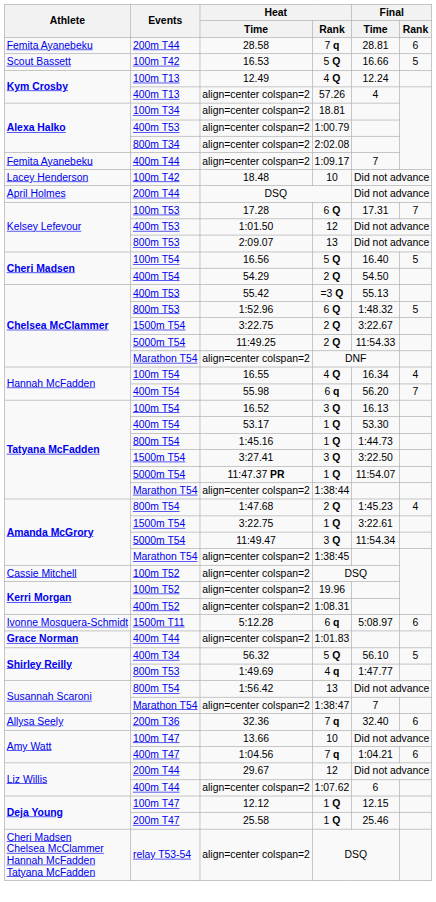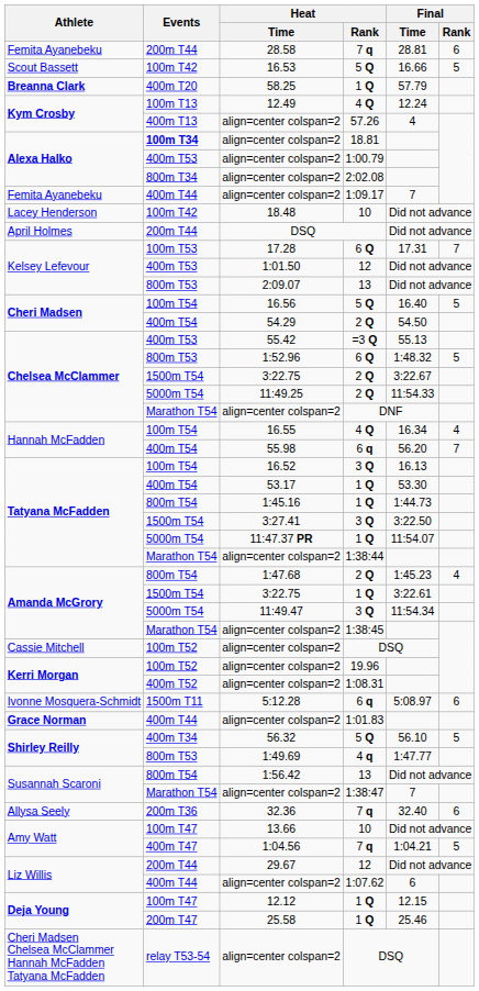 <table class=wikitable>
 <tr>
 <th rowspan="2">Athlete</th>
 <th rowspan="2">Events</th>
 <th colspan="2">Heat</th>
 <th colspan="2">Final</th>
 </tr>
 <tr>
 <th>Time</th>
 <th>Rank</th>
 <th>Time</th>
 <th>Rank</th>
 </tr>
 <tr>
 <td align=left><a href='#'>Femita Ayanebeku</a></td>
 <td align=left><a href='#'>200m T44</a></td>
 <td align=center>28.58</td>
 <td align=center>7 <strong>q</strong></td>
 <td align=center>28.81</td>
 <td align=center>6</td>
 </tr>
 <tr>
 <td align=left><a href='#'>Scout Bassett</a></td>
 <td align=left><a href='#'>100m T42</a></td>
 <td align=center>16.53</td>
 <td align=center>5 <strong>Q</strong></td>
 <td align=center>16.66</td>
 <td align=center>5</td>
 </tr>
 <tr>
+<td align=left><strong><a href='#'>Breanna Clark</a></strong></td>
+<td align=left><a href='#'>400m T20</a></td>
+<td align=center>58.25</td>
+<td align=center>1 <strong>Q</strong></td>
+<td align=center>57.79</td>
+<td align=center></td>
+</tr>
+<tr>
 <td align=left rowspan=2><strong><a href='#'>Kym Crosby</a></strong></td>
 <td align=left><a href='#'>100m T13</a></td>
 <td align=center>12.49</td>
 <td align=center>4 <strong>Q</strong></td>
 <td align=center>12.24</td>
 <td align=center></td>
 </tr>
 <tr>
 <td align=left><a href='#'>400m T13</a></td>
 <td>align=center colspan=2 </td>
 <td align=center>57.26</td>
 <td align=center>4</td>
 </tr>
 <tr>
 <td align=left rowspan=3><strong><a href='#'>Alexa Halko</a></strong></td>
-<td align=left><a href='#'>100m T34</a></td>
+<td align=left><strong><a href='#'>100m T34</a></strong></td>
 <td>align=center colspan=2 </td>
 <td align=center>18.81</td>
 <td align=center></td>
 </tr>
 <tr>
 <td align=left><a href='#'>400m T53</a></td>
 <td>align=center colspan=2 </td>
 <td align=center>1:00.79</td>
 <td align=center></td>
 </tr>
 <tr>
 <td align=left><a href='#'>800m T34</a></td>
 <td>align=center colspan=2 </td>
 <td align=center>2:02.08</td>
 <td align=center></td>
 </tr>
 <tr>
 <td align=left><a href='#'>Femita Ayanebeku</a></td>
 <td align=left><a href='#'>400m T44</a></td>
 <td>align=center colspan=2 </td>
 <td align=center>1:09.17</td>
 <td align=center>7</td>
 </tr>
 <tr>
 <td align=left><a href='#'>Lacey Henderson</a></td>
 <td align=left><a href='#'>100m T42</a></td>
 <td align=center>18.48</td>
 <td align=center>10</td>
 <td align=center colspan=2>Did not advance</td>
 </tr>
 <tr>
 <td align=left><a href='#'>April Holmes</a></td>
 <td align=left><a href='#'>200m T44</a></td>
 <td align=center colspan=2>DSQ</td>
 <td align=center colspan=2>Did not advance</td>
 </tr>
 <tr>
 <td align=left rowspan=3><a href='#'>Kelsey Lefevour</a></td>
 <td align=left><a href='#'>100m T53</a></td>
 <td align=center>17.28</td>
 <td align=center>6 <strong>Q</strong></td>
 <td align=center>17.31</td>
 <td align=center>7</td>
 </tr>
 <tr>
 <td align=left><a href='#'>400m T53</a></td>
 <td align=center>1:01.50</td>
 <td align=center>12</td>
 <td align=center colspan=2>Did not advance</td>
 </tr>
 <tr>
 <td align=left><a href='#'>800m T53</a></td>
 <td align=center>2:09.07</td>
 <td align=center>13</td>
 <td align=center colspan=2>Did not advance</td>
 </tr>
 <tr>
 <td align=left rowspan=2><strong><a href='#'>Cheri Madsen</a></strong></td>
 <td align=left><a href='#'>100m T54</a></td>
 <td align=center>16.56</td>
 <td align=center>5 <strong>Q</strong></td>
 <td align=center>16.40</td>
 <td align=center>5</td>
 </tr>
 <tr>
 <td align=left><a href='#'>400m T54</a></td>
 <td align=center>54.29</td>
 <td align=center>2 <strong>Q</strong></td>
 <td align=center>54.50</td>
 <td align=center></td>
 </tr>
 <tr>
 <td align=left rowspan=5><strong><a href='#'>Chelsea McClammer</a></strong></td>
 <td align=left><a href='#'>400m T53</a></td>
 <td align=center>55.42</td>
 <td align=center>=3 <strong>Q</strong></td>
 <td align=center>55.13</td>
 <td align=center></td>
 </tr>
 <tr>
 <td align=left><a href='#'>800m T53</a></td>
 <td align=center>1:52.96</td>
 <td align=center>6 <strong>Q</strong></td>
 <td align=center>1:48.32</td>
 <td align=center>5</td>
 </tr>
 <tr>
 <td align=left><a href='#'>1500m T54</a></td>
 <td align=center>3:22.75</td>
 <td align=center>2 <strong>Q</strong></td>
 <td align=center>3:22.67</td>
 <td align=center></td>
 </tr>
 <tr>
 <td align=left><a href='#'>5000m T54</a></td>
 <td align=center>11:49.25</td>
 <td align=center>2 <strong>Q</strong></td>
 <td align=center>11:54.33</td>
 <td align=center></td>
 </tr>
 <tr>
 <td align=left><a href='#'>Marathon T54</a></td>
 <td>align=center colspan=2 </td>
 <td align=center colspan=2>DNF</td>
 </tr>
 <tr>
 <td align=left rowspan=2><a href='#'>Hannah McFadden</a></td>
 <td align=left><a href='#'>100m T54</a></td>
 <td align=center>16.55</td>
 <td align=center>4 <strong>Q</strong></td>
 <td align=center>16.34</td>
 <td align=center>4</td>
 </tr>
 <tr>
 <td align=left><a href='#'>400m T54</a></td>
 <td align=center>55.98</td>
 <td align=center>6 <strong>q</strong></td>
 <td align=center>56.20</td>
 <td align=center>7</td>
 </tr>
 <tr>
 <td align=left rowspan=6><strong><a href='#'>Tatyana McFadden</a></strong></td>
 <td align=left><a href='#'>100m T54</a></td>
 <td align=center>16.52</td>
 <td align=center>3 <strong>Q</strong></td>
 <td align=center>16.13</td>
 <td align=center></td>
 </tr>
 <tr>
 <td align=left><a href='#'>400m T54</a></td>
 <td align=center>53.17</td>
 <td align=center>1 <strong>Q</strong></td>
 <td align=center>53.30</td>
 <td align=center></td>
 </tr>
 <tr>
 <td align=left><a href='#'>800m T54</a></td>
 <td align=center>1:45.16</td>
 <td align=center>1 <strong>Q</strong></td>
 <td align=center>1:44.73</td>
 <td align=center></td>
 </tr>
 <tr>
 <td align=left><a href='#'>1500m T54</a></td>
 <td align=center>3:27.41</td>
 <td align=center>3 <strong>Q</strong></td>
 <td align=center>3:22.50</td>
 <td align=center></td>
 </tr>
 <tr>
 <td align=left><a href='#'>5000m T54</a></td>
 <td align=center>11:47.37 <strong>PR</strong></td>
 <td align=center>1 <strong>Q</strong></td>
 <td align=center>11:54.07</td>
 <td align=center></td>
 </tr>
 <tr>
 <td align=left><a href='#'>Marathon T54</a></td>
 <td>align=center colspan=2 </td>
 <td align=center>1:38:44</td>
 <td align=center></td>
 </tr>
 <tr>
 <td align=left rowspan=4><strong><a href='#'>Amanda McGrory</a></strong></td>
 <td align=left><a href='#'>800m T54</a></td>
 <td align=center>1:47.68</td>
 <td align=center>2 <strong>Q</strong></td>
 <td align=center>1:45.23</td>
 <td align=center>4</td>
 </tr>
 <tr>
 <td align=left><a href='#'>1500m T54</a></td>
 <td align=center>3:22.75</td>
 <td align=center>1 <strong>Q</strong></td>
 <td align=center>3:22.61</td>
 <td align=center></td>
 </tr>
 <tr>
 <td align=left><a href='#'>5000m T54</a></td>
 <td align=center>11:49.47</td>
 <td align=center>3 <strong>Q</strong></td>
 <td align=center>11:54.34</td>
 <td align=center></td>
 </tr>
 <tr>
 <td align=left><a href='#'>Marathon T54</a></td>
 <td>align=center colspan=2 </td>
 <td align=center>1:38:45</td>
 <td align=center></td>
 </tr>
 <tr>
 <td align=left><a href='#'>Cassie Mitchell</a></td>
 <td align=left><a href='#'>100m T52</a></td>
 <td>align=center colspan=2 </td>
 <td align=center colspan=2>DSQ</td>
 </tr>
 <tr>
 <td align=left rowspan=2><strong><a href='#'>Kerri Morgan</a></strong></td>
 <td align=left><a href='#'>100m T52</a></td>
 <td>align=center colspan=2 </td>
 <td align=center>19.96</td>
 <td align=center></td>
 </tr>
 <tr>
 <td align=left><a href='#'>400m T52</a></td>
 <td>align=center colspan=2 </td>
 <td align=center>1:08.31</td>
 <td align=center></td>
 </tr>
 <tr>
 <td align=left><a href='#'>Ivonne Mosquera-Schmidt</a></td>
 <td align=left><a href='#'>1500m T11</a></td>
 <td align=center>5:12.28</td>
 <td align=center>6 <strong>q</strong></td>
 <td align=center>5:08.97</td>
 <td align=center>6</td>
 </tr>
 <tr>
 <td align=left><strong><a href='#'>Grace Norman</a></strong></td>
 <td align=left><a href='#'>400m T44</a></td>
 <td>align=center colspan=2 </td>
 <td align=center>1:01.83</td>
 <td align=center></td>
 </tr>
 <tr>
 <td align=left rowspan=2><strong><a href='#'>Shirley Reilly</a></strong></td>
 <td align=left><a href='#'>400m T34</a></td>
 <td align=center>56.32</td>
 <td align=center>5 <strong>Q</strong></td>
 <td align=center>56.10</td>
 <td align=center>5</td>
 </tr>
 <tr>
 <td align=left><a href='#'>800m T53</a></td>
 <td align=center>1:49.69</td>
 <td align=center>4 <strong>q</strong></td>
 <td align=center>1:47.77</td>
 <td align=center></td>
 </tr>
 <tr>
 <td align=left rowspan=2><a href='#'>Susannah Scaroni</a></td>
 <td align=left><a href='#'>800m T54</a></td>
 <td align=center>1:56.42</td>
 <td align=center>13</td>
 <td align=center colspan=2>Did not advance</td>
 </tr>
 <tr>
 <td align=left><a href='#'>Marathon T54</a></td>
 <td>align=center colspan=2 </td>
 <td align=center>1:38:47</td>
 <td align=center>7</td>
 </tr>
 <tr>
 <td align=left><a href='#'>Allysa Seely</a></td>
 <td align=left><a href='#'>200m T36</a></td>
 <td align=center>32.36</td>
 <td align=center>7 <strong>q</strong></td>
 <td align=center>32.40</td>
 <td align=center>6</td>
 </tr>
 <tr>
 <td align=left rowspan=2><a href='#'>Amy Watt</a></td>
 <td align=left><a href='#'>100m T47</a></td>
 <td align=center>13.66</td>
 <td align=center>10</td>
 <td align=center colspan=2>Did not advance</td>
 </tr>
 <tr>
 <td align=left><a href='#'>400m T47</a></td>
 <td align=center>1:04.56</td>
 <td align=center>7 <strong>q</strong></td>
 <td align=center>1:04.21</td>
-<td align=center>6</td>
+<td align=center>5</td>
 </tr>
 <tr>
 <td align=left rowspan=2><a href='#'>Liz Willis</a></td>
 <td align=left><a href='#'>200m T44</a></td>
 <td align=center>29.67</td>
 <td align=center>12</td>
 <td align=center colspan=2>Did not advance</td>
 </tr>
 <tr>
 <td align=left><a href='#'>400m T44</a></td>
 <td>align=center colspan=2 </td>
 <td align=center>1:07.62</td>
 <td align=center>6</td>
 </tr>
 <tr>
 <td align=left rowspan=2><strong><a href='#'>Deja Young</a></strong></td>
 <td align=left><a href='#'>100m T47</a></td>
 <td align=center>12.12</td>
 <td align=center>1 <strong>Q</strong></td>
 <td align=center>12.15</td>
 <td align=center></td>
 </tr>
 <tr>
 <td align=left><a href='#'>200m T47</a></td>
 <td align=center>25.58</td>
 <td align=center>1 <strong>Q</strong></td>
 <td align=center>25.46</td>
 <td align=center></td>
 </tr>
 <tr>
 <td align=left><a href='#'>Cheri Madsen</a><br> <a href='#'>Chelsea McClammer</a><br> <a href='#'>Hannah McFadden</a><br> <a href='#'>Tatyana McFadden</a></td>
 <td align=left><a href='#'> relay T53-54</a></td>
 <td>align=center colspan=2 </td>
 <td align=center colspan=2>DSQ</td>
 </tr>
 </table>
